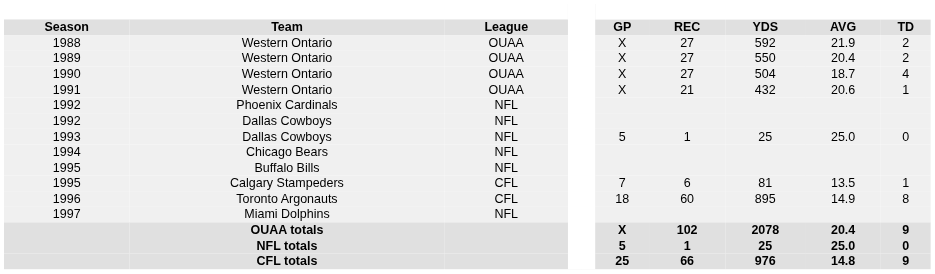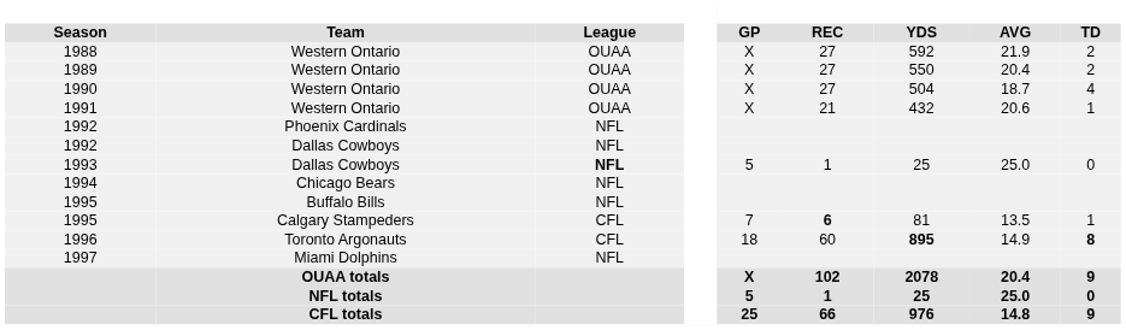 <table BORDER="0" CELLPADDING="1" CELLSPACING="0" width="75%" style="text-align:center">
 <tr bgcolor="#e0e0e0">
 <th colspan="3" bgcolor="#ffffff"> </th>
 <th rowspan="99" bgcolor="#ffffff"> </th>
 <th rowspan="99" bgcolor="#ffffff"> </th>
 </tr>
 <tr bgcolor="#e0e0e0">
 <th>Season</th>
 <th>Team</th>
 <th>League</th>
 <th>GP</th>
 <th>REC</th>
 <th>YDS</th>
 <th>AVG</th>
 <th>TD</th>
 </tr>
 <tr style="background-color:#f0f0f0;">
 <td>1988</td>
 <td>Western Ontario</td>
 <td>OUAA</td>
 <td>X</td>
 <td>27</td>
 <td>592</td>
 <td>21.9</td>
 <td>2</td>
 </tr>
 <tr style="background-color:#f0f0f0;">
 <td>1989</td>
 <td>Western Ontario</td>
 <td>OUAA</td>
 <td>X</td>
 <td>27</td>
 <td>550</td>
 <td>20.4</td>
 <td>2</td>
 </tr>
 <tr style="background-color:#f0f0f0;">
 <td>1990</td>
 <td>Western Ontario</td>
 <td>OUAA</td>
 <td>X</td>
 <td>27</td>
 <td>504</td>
 <td>18.7</td>
 <td>4</td>
 </tr>
 <tr style="background-color:#f0f0f0;">
 <td>1991</td>
 <td>Western Ontario</td>
 <td>OUAA</td>
 <td>X</td>
 <td>21</td>
 <td>432</td>
 <td>20.6</td>
 <td>1</td>
 </tr>
 <tr>
 </tr>
 <tr style="background-color:#f0f0f0;">
 <td>1992</td>
 <td>Phoenix Cardinals</td>
 <td>NFL</td>
 <td></td>
 <td></td>
 <td></td>
 <td></td>
 <td></td>
 </tr>
 <tr style="background-color:#f0f0f0;">
 <td>1992</td>
 <td>Dallas Cowboys</td>
 <td>NFL</td>
 <td></td>
 <td></td>
 <td></td>
 <td></td>
 <td></td>
 </tr>
 <tr style="background-color:#f0f0f0;">
 <td>1993</td>
 <td>Dallas Cowboys</td>
-<td>NFL</td>
+<td><strong>NFL</strong></td>
 <td>5</td>
 <td>1</td>
 <td>25</td>
 <td>25.0</td>
 <td>0</td>
 </tr>
 <tr style="background-color:#f0f0f0;">
 <td>1994</td>
 <td>Chicago Bears</td>
 <td>NFL</td>
 <td></td>
 <td></td>
 <td></td>
 <td></td>
 <td></td>
 </tr>
 <tr style="background-color:#f0f0f0;">
 <td>1995</td>
 <td>Buffalo Bills</td>
 <td>NFL</td>
 <td></td>
 <td></td>
 <td></td>
 <td></td>
 <td></td>
 </tr>
 <tr>
 </tr>
 <tr style="background-color:#f0f0f0;">
 <td>1995</td>
 <td>Calgary Stampeders</td>
 <td>CFL</td>
 <td>7</td>
-<td>6</td>
+<td><strong>6</strong></td>
 <td>81</td>
 <td>13.5</td>
 <td>1</td>
 </tr>
 <tr style="background-color:#f0f0f0;">
 <td>1996</td>
 <td>Toronto Argonauts</td>
 <td>CFL</td>
 <td>18</td>
 <td>60</td>
-<td>895</td>
+<td><strong>895</strong></td>
 <td>14.9</td>
-<td>8</td>
+<td><strong>8</strong></td>
 </tr>
 <tr style="background-color:#f0f0f0;">
 <td>1997</td>
 <td>Miami Dolphins</td>
 <td>NFL</td>
 <td></td>
 <td></td>
 <td></td>
 <td></td>
 <td></td>
 </tr>
 <tr>
 </tr>
 <tr style="background-color:#e0e0e0;">
 <th></th>
 <th>OUAA totals</th>
 <th></th>
 <th>X</th>
 <th>102</th>
 <th>2078</th>
 <th>20.4</th>
 <th>9</th>
 </tr>
 <tr style="background-color:#e0e0e0;">
 <th></th>
 <th>NFL totals</th>
 <th></th>
 <th>5</th>
 <th>1</th>
 <th>25</th>
 <th>25.0</th>
 <th>0</th>
 </tr>
 <tr style="background-color:#e0e0e0;">
 <th></th>
 <th>CFL totals</th>
 <th></th>
 <th>25</th>
 <th>66</th>
 <th>976</th>
 <th>14.8</th>
 <th>9</th>
 </tr>
 </table>
